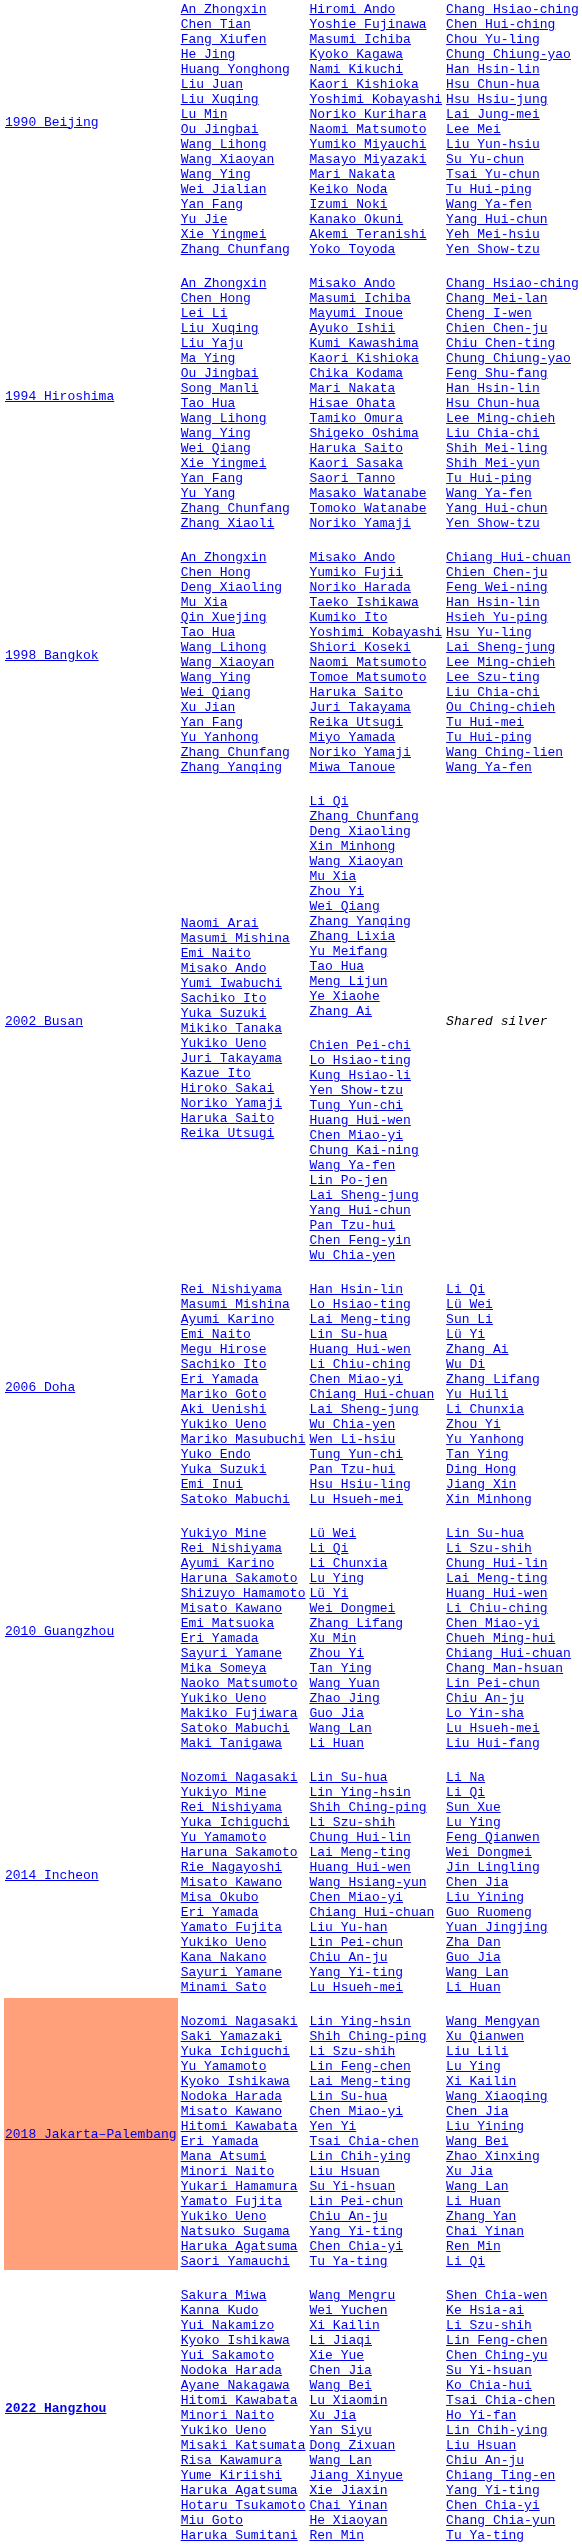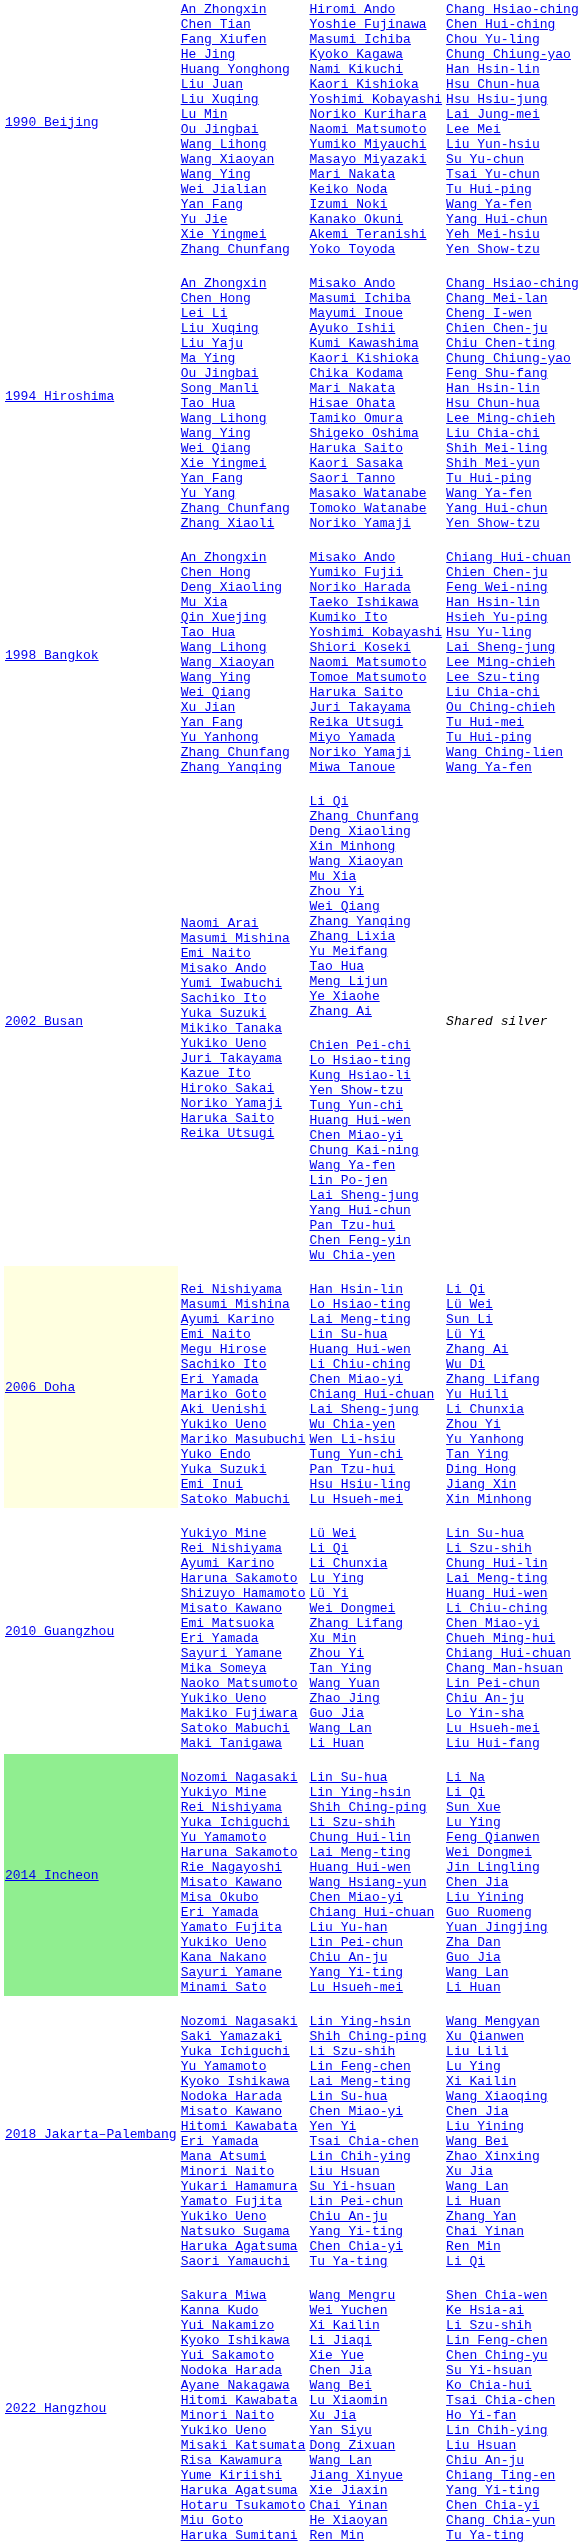 <table>
 <tr>
 <td><a href='#'>1990 Beijing</a></td>
 <td><br><a href='#'>An Zhongxin</a><br><a href='#'>Chen Tian</a><br><a href='#'>Fang Xiufen</a><br><a href='#'>He Jing</a><br><a href='#'>Huang Yonghong</a><br><a href='#'>Liu Juan</a><br><a href='#'>Liu Xuqing</a><br><a href='#'>Lu Min</a><br><a href='#'>Ou Jingbai</a><br><a href='#'>Wang Lihong</a><br><a href='#'>Wang Xiaoyan</a><br><a href='#'>Wang Ying</a><br><a href='#'>Wei Jialian</a><br><a href='#'>Yan Fang</a><br><a href='#'>Yu Jie</a><br><a href='#'>Xie Yingmei</a><br><a href='#'>Zhang Chunfang</a></td>
 <td><br><a href='#'>Hiromi Ando</a><br><a href='#'>Yoshie Fujinawa</a><br><a href='#'>Masumi Ichiba</a><br><a href='#'>Kyoko Kagawa</a><br><a href='#'>Nami Kikuchi</a><br><a href='#'>Kaori Kishioka</a><br><a href='#'>Yoshimi Kobayashi</a><br><a href='#'>Noriko Kurihara</a><br><a href='#'>Naomi Matsumoto</a><br><a href='#'>Yumiko Miyauchi</a><br><a href='#'>Masayo Miyazaki</a><br><a href='#'>Mari Nakata</a><br><a href='#'>Keiko Noda</a><br><a href='#'>Izumi Noki</a><br><a href='#'>Kanako Okuni</a><br><a href='#'>Akemi Teranishi</a><br><a href='#'>Yoko Toyoda</a></td>
 <td><br><a href='#'>Chang Hsiao-ching</a><br><a href='#'>Chen Hui-ching</a><br><a href='#'>Chou Yu-ling</a><br><a href='#'>Chung Chiung-yao</a><br><a href='#'>Han Hsin-lin</a><br><a href='#'>Hsu Chun-hua</a><br><a href='#'>Hsu Hsiu-jung</a><br><a href='#'>Lai Jung-mei</a><br><a href='#'>Lee Mei</a><br><a href='#'>Liu Yun-hsiu</a><br><a href='#'>Su Yu-chun</a><br><a href='#'>Tsai Yu-chun</a><br><a href='#'>Tu Hui-ping</a><br><a href='#'>Wang Ya-fen</a><br><a href='#'>Yang Hui-chun</a><br><a href='#'>Yeh Mei-hsiu</a><br><a href='#'>Yen Show-tzu</a></td>
 </tr>
 <tr>
 <td><a href='#'>1994 Hiroshima</a></td>
 <td><br><a href='#'>An Zhongxin</a><br><a href='#'>Chen Hong</a><br><a href='#'>Lei Li</a><br><a href='#'>Liu Xuqing</a><br><a href='#'>Liu Yaju</a><br><a href='#'>Ma Ying</a><br><a href='#'>Ou Jingbai</a><br><a href='#'>Song Manli</a><br><a href='#'>Tao Hua</a><br><a href='#'>Wang Lihong</a><br><a href='#'>Wang Ying</a><br><a href='#'>Wei Qiang</a><br><a href='#'>Xie Yingmei</a><br><a href='#'>Yan Fang</a><br><a href='#'>Yu Yang</a><br><a href='#'>Zhang Chunfang</a><br><a href='#'>Zhang Xiaoli</a></td>
 <td><br><a href='#'>Misako Ando</a><br><a href='#'>Masumi Ichiba</a><br><a href='#'>Mayumi Inoue</a><br><a href='#'>Ayuko Ishii</a><br><a href='#'>Kumi Kawashima</a><br><a href='#'>Kaori Kishioka</a><br><a href='#'>Chika Kodama</a><br><a href='#'>Mari Nakata</a><br><a href='#'>Hisae Ohata</a><br><a href='#'>Tamiko Omura</a><br><a href='#'>Shigeko Oshima</a><br><a href='#'>Haruka Saito</a><br><a href='#'>Kaori Sasaka</a><br><a href='#'>Saori Tanno</a><br><a href='#'>Masako Watanabe</a><br><a href='#'>Tomoko Watanabe</a><br><a href='#'>Noriko Yamaji</a></td>
 <td><br><a href='#'>Chang Hsiao-ching</a><br><a href='#'>Chang Mei-lan</a><br><a href='#'>Cheng I-wen</a><br><a href='#'>Chien Chen-ju</a><br><a href='#'>Chiu Chen-ting</a><br><a href='#'>Chung Chiung-yao</a><br><a href='#'>Feng Shu-fang</a><br><a href='#'>Han Hsin-lin</a><br><a href='#'>Hsu Chun-hua</a><br><a href='#'>Lee Ming-chieh</a><br><a href='#'>Liu Chia-chi</a><br><a href='#'>Shih Mei-ling</a><br><a href='#'>Shih Mei-yun</a><br><a href='#'>Tu Hui-ping</a><br><a href='#'>Wang Ya-fen</a><br><a href='#'>Yang Hui-chun</a><br><a href='#'>Yen Show-tzu</a></td>
 </tr>
 <tr>
 <td><a href='#'>1998 Bangkok</a></td>
 <td><br><a href='#'>An Zhongxin</a><br><a href='#'>Chen Hong</a><br><a href='#'>Deng Xiaoling</a><br><a href='#'>Mu Xia</a><br><a href='#'>Qin Xuejing</a><br><a href='#'>Tao Hua</a><br><a href='#'>Wang Lihong</a><br><a href='#'>Wang Xiaoyan</a><br><a href='#'>Wang Ying</a><br><a href='#'>Wei Qiang</a><br><a href='#'>Xu Jian</a><br><a href='#'>Yan Fang</a><br><a href='#'>Yu Yanhong</a><br><a href='#'>Zhang Chunfang</a><br><a href='#'>Zhang Yanqing</a></td>
 <td><br><a href='#'>Misako Ando</a><br><a href='#'>Yumiko Fujii</a><br><a href='#'>Noriko Harada</a><br><a href='#'>Taeko Ishikawa</a><br><a href='#'>Kumiko Ito</a><br><a href='#'>Yoshimi Kobayashi</a><br><a href='#'>Shiori Koseki</a><br><a href='#'>Naomi Matsumoto</a><br><a href='#'>Tomoe Matsumoto</a><br><a href='#'>Haruka Saito</a><br><a href='#'>Juri Takayama</a><br><a href='#'>Reika Utsugi</a><br><a href='#'>Miyo Yamada</a><br><a href='#'>Noriko Yamaji</a><br><a href='#'>Miwa Tanoue</a></td>
 <td><br><a href='#'>Chiang Hui-chuan</a><br><a href='#'>Chien Chen-ju</a><br><a href='#'>Feng Wei-ning</a><br><a href='#'>Han Hsin-lin</a><br><a href='#'>Hsieh Yu-ping</a><br><a href='#'>Hsu Yu-ling</a><br><a href='#'>Lai Sheng-jung</a><br><a href='#'>Lee Ming-chieh</a><br><a href='#'>Lee Szu-ting</a><br><a href='#'>Liu Chia-chi</a><br><a href='#'>Ou Ching-chieh</a><br><a href='#'>Tu Hui-mei</a><br><a href='#'>Tu Hui-ping</a><br><a href='#'>Wang Ching-lien</a><br><a href='#'>Wang Ya-fen</a></td>
 </tr>
 <tr>
 <td rowspan=2><a href='#'>2002 Busan</a></td>
 <td rowspan=2><br><a href='#'>Naomi Arai</a><br><a href='#'>Masumi Mishina</a><br><a href='#'>Emi Naito</a><br><a href='#'>Misako Ando</a><br><a href='#'>Yumi Iwabuchi</a><br><a href='#'>Sachiko Ito</a><br><a href='#'>Yuka Suzuki</a><br><a href='#'>Mikiko Tanaka</a><br><a href='#'>Yukiko Ueno</a><br><a href='#'>Juri Takayama</a><br><a href='#'>Kazue Ito</a><br><a href='#'>Hiroko Sakai</a><br><a href='#'>Noriko Yamaji</a><br><a href='#'>Haruka Saito</a><br><a href='#'>Reika Utsugi</a></td>
 <td><br><a href='#'>Li Qi</a><br><a href='#'>Zhang Chunfang</a><br><a href='#'>Deng Xiaoling</a><br><a href='#'>Xin Minhong</a><br><a href='#'>Wang Xiaoyan</a><br><a href='#'>Mu Xia</a><br><a href='#'>Zhou Yi</a><br><a href='#'>Wei Qiang</a><br><a href='#'>Zhang Yanqing</a><br><a href='#'>Zhang Lixia</a><br><a href='#'>Yu Meifang</a><br><a href='#'>Tao Hua</a><br><a href='#'>Meng Lijun</a><br><a href='#'>Ye Xiaohe</a><br><a href='#'>Zhang Ai</a></td>
 <td rowspan=2><em>Shared silver</em></td>
 </tr>
 <tr>
 <td><br><a href='#'>Chien Pei-chi</a><br><a href='#'>Lo Hsiao-ting</a><br><a href='#'>Kung Hsiao-li</a><br><a href='#'>Yen Show-tzu</a><br><a href='#'>Tung Yun-chi</a><br><a href='#'>Huang Hui-wen</a><br><a href='#'>Chen Miao-yi</a><br><a href='#'>Chung Kai-ning</a><br><a href='#'>Wang Ya-fen</a><br><a href='#'>Lin Po-jen</a><br><a href='#'>Lai Sheng-jung</a><br><a href='#'>Yang Hui-chun</a><br><a href='#'>Pan Tzu-hui</a><br><a href='#'>Chen Feng-yin</a><br><a href='#'>Wu Chia-yen</a></td>
 </tr>
 <tr>
-<td><a href='#'>2006 Doha</a></td>
+<td style="background: lightyellow;"><a href='#'>2006 Doha</a></td>
 <td><br><a href='#'>Rei Nishiyama</a><br><a href='#'>Masumi Mishina</a><br><a href='#'>Ayumi Karino</a><br><a href='#'>Emi Naito</a><br><a href='#'>Megu Hirose</a><br><a href='#'>Sachiko Ito</a><br><a href='#'>Eri Yamada</a><br><a href='#'>Mariko Goto</a><br><a href='#'>Aki Uenishi</a><br><a href='#'>Yukiko Ueno</a><br><a href='#'>Mariko Masubuchi</a><br><a href='#'>Yuko Endo</a><br><a href='#'>Yuka Suzuki</a><br><a href='#'>Emi Inui</a><br><a href='#'>Satoko Mabuchi</a></td>
 <td><br><a href='#'>Han Hsin-lin</a><br><a href='#'>Lo Hsiao-ting</a><br><a href='#'>Lai Meng-ting</a><br><a href='#'>Lin Su-hua</a><br><a href='#'>Huang Hui-wen</a><br><a href='#'>Li Chiu-ching</a><br><a href='#'>Chen Miao-yi</a><br><a href='#'>Chiang Hui-chuan</a><br><a href='#'>Lai Sheng-jung</a><br><a href='#'>Wu Chia-yen</a><br><a href='#'>Wen Li-hsiu</a><br><a href='#'>Tung Yun-chi</a><br><a href='#'>Pan Tzu-hui</a><br><a href='#'>Hsu Hsiu-ling</a><br><a href='#'>Lu Hsueh-mei</a></td>
 <td><br><a href='#'>Li Qi</a><br><a href='#'>Lü Wei</a><br><a href='#'>Sun Li</a><br><a href='#'>Lü Yi</a><br><a href='#'>Zhang Ai</a><br><a href='#'>Wu Di</a><br><a href='#'>Zhang Lifang</a><br><a href='#'>Yu Huili</a><br><a href='#'>Li Chunxia</a><br><a href='#'>Zhou Yi</a><br><a href='#'>Yu Yanhong</a><br><a href='#'>Tan Ying</a><br><a href='#'>Ding Hong</a><br><a href='#'>Jiang Xin</a><br><a href='#'>Xin Minhong</a></td>
 </tr>
 <tr>
 <td><a href='#'>2010 Guangzhou</a></td>
 <td><br><a href='#'>Yukiyo Mine</a><br><a href='#'>Rei Nishiyama</a><br><a href='#'>Ayumi Karino</a><br><a href='#'>Haruna Sakamoto</a><br><a href='#'>Shizuyo Hamamoto</a><br><a href='#'>Misato Kawano</a><br><a href='#'>Emi Matsuoka</a><br><a href='#'>Eri Yamada</a><br><a href='#'>Sayuri Yamane</a><br><a href='#'>Mika Someya</a><br><a href='#'>Naoko Matsumoto</a><br><a href='#'>Yukiko Ueno</a><br><a href='#'>Makiko Fujiwara</a><br><a href='#'>Satoko Mabuchi</a><br><a href='#'>Maki Tanigawa</a></td>
 <td><br><a href='#'>Lü Wei</a><br><a href='#'>Li Qi</a><br><a href='#'>Li Chunxia</a><br><a href='#'>Lu Ying</a><br><a href='#'>Lü Yi</a><br><a href='#'>Wei Dongmei</a><br><a href='#'>Zhang Lifang</a><br><a href='#'>Xu Min</a><br><a href='#'>Zhou Yi</a><br><a href='#'>Tan Ying</a><br><a href='#'>Wang Yuan</a><br><a href='#'>Zhao Jing</a><br><a href='#'>Guo Jia</a><br><a href='#'>Wang Lan</a><br><a href='#'>Li Huan</a></td>
 <td><br><a href='#'>Lin Su-hua</a><br><a href='#'>Li Szu-shih</a><br><a href='#'>Chung Hui-lin</a><br><a href='#'>Lai Meng-ting</a><br><a href='#'>Huang Hui-wen</a><br><a href='#'>Li Chiu-ching</a><br><a href='#'>Chen Miao-yi</a><br><a href='#'>Chueh Ming-hui</a><br><a href='#'>Chiang Hui-chuan</a><br><a href='#'>Chang Man-hsuan</a><br><a href='#'>Lin Pei-chun</a><br><a href='#'>Chiu An-ju</a><br><a href='#'>Lo Yin-sha</a><br><a href='#'>Lu Hsueh-mei</a><br><a href='#'>Liu Hui-fang</a></td>
 </tr>
 <tr>
-<td><a href='#'>2014 Incheon</a></td>
+<td style="background: lightgreen;"><a href='#'>2014 Incheon</a></td>
 <td><br><a href='#'>Nozomi Nagasaki</a><br><a href='#'>Yukiyo Mine</a><br><a href='#'>Rei Nishiyama</a><br><a href='#'>Yuka Ichiguchi</a><br><a href='#'>Yu Yamamoto</a><br><a href='#'>Haruna Sakamoto</a><br><a href='#'>Rie Nagayoshi</a><br><a href='#'>Misato Kawano</a><br><a href='#'>Misa Okubo</a><br><a href='#'>Eri Yamada</a><br><a href='#'>Yamato Fujita</a><br><a href='#'>Yukiko Ueno</a><br><a href='#'>Kana Nakano</a><br><a href='#'>Sayuri Yamane</a><br><a href='#'>Minami Sato</a></td>
 <td><br><a href='#'>Lin Su-hua</a><br><a href='#'>Lin Ying-hsin</a><br><a href='#'>Shih Ching-ping</a><br><a href='#'>Li Szu-shih</a><br><a href='#'>Chung Hui-lin</a><br><a href='#'>Lai Meng-ting</a><br><a href='#'>Huang Hui-wen</a><br><a href='#'>Wang Hsiang-yun</a><br><a href='#'>Chen Miao-yi</a><br><a href='#'>Chiang Hui-chuan</a><br><a href='#'>Liu Yu-han</a><br><a href='#'>Lin Pei-chun</a><br><a href='#'>Chiu An-ju</a><br><a href='#'>Yang Yi-ting</a><br><a href='#'>Lu Hsueh-mei</a></td>
 <td><br><a href='#'>Li Na</a><br><a href='#'>Li Qi</a><br><a href='#'>Sun Xue</a><br><a href='#'>Lu Ying</a><br><a href='#'>Feng Qianwen</a><br><a href='#'>Wei Dongmei</a><br><a href='#'>Jin Lingling</a><br><a href='#'>Chen Jia</a><br><a href='#'>Liu Yining</a><br><a href='#'>Guo Ruomeng</a><br><a href='#'>Yuan Jingjing</a><br><a href='#'>Zha Dan</a><br><a href='#'>Guo Jia</a><br><a href='#'>Wang Lan</a><br><a href='#'>Li Huan</a></td>
 </tr>
 <tr>
-<td style="background: lightsalmon;"><a href='#'>2018 Jakarta–Palembang</a></td>
+<td><a href='#'>2018 Jakarta–Palembang</a></td>
 <td><br><a href='#'>Nozomi Nagasaki</a><br><a href='#'>Saki Yamazaki</a><br><a href='#'>Yuka Ichiguchi</a><br><a href='#'>Yu Yamamoto</a><br><a href='#'>Kyoko Ishikawa</a><br><a href='#'>Nodoka Harada</a><br><a href='#'>Misato Kawano</a><br><a href='#'>Hitomi Kawabata</a><br><a href='#'>Eri Yamada</a><br><a href='#'>Mana Atsumi</a><br><a href='#'>Minori Naito</a><br><a href='#'>Yukari Hamamura</a><br><a href='#'>Yamato Fujita</a><br><a href='#'>Yukiko Ueno</a><br><a href='#'>Natsuko Sugama</a><br><a href='#'>Haruka Agatsuma</a><br><a href='#'>Saori Yamauchi</a></td>
 <td><br><a href='#'>Lin Ying-hsin</a><br><a href='#'>Shih Ching-ping</a><br><a href='#'>Li Szu-shih</a><br><a href='#'>Lin Feng-chen</a><br><a href='#'>Lai Meng-ting</a><br><a href='#'>Lin Su-hua</a><br><a href='#'>Chen Miao-yi</a><br><a href='#'>Yen Yi</a><br><a href='#'>Tsai Chia-chen</a><br><a href='#'>Lin Chih-ying</a><br><a href='#'>Liu Hsuan</a><br><a href='#'>Su Yi-hsuan</a><br><a href='#'>Lin Pei-chun</a><br><a href='#'>Chiu An-ju</a><br><a href='#'>Yang Yi-ting</a><br><a href='#'>Chen Chia-yi</a><br><a href='#'>Tu Ya-ting</a></td>
 <td><br><a href='#'>Wang Mengyan</a><br><a href='#'>Xu Qianwen</a><br><a href='#'>Liu Lili</a><br><a href='#'>Lu Ying</a><br><a href='#'>Xi Kailin</a><br><a href='#'>Wang Xiaoqing</a><br><a href='#'>Chen Jia</a><br><a href='#'>Liu Yining</a><br><a href='#'>Wang Bei</a><br><a href='#'>Zhao Xinxing</a><br><a href='#'>Xu Jia</a><br><a href='#'>Wang Lan</a><br><a href='#'>Li Huan</a><br><a href='#'>Zhang Yan</a><br><a href='#'>Chai Yinan</a><br><a href='#'>Ren Min</a><br><a href='#'>Li Qi</a></td>
 </tr>
 <tr>
-<td><strong><a href='#'>2022 Hangzhou</a></strong></td>
+<td><a href='#'>2022 Hangzhou</a></td>
 <td><br><a href='#'>Sakura Miwa</a><br><a href='#'>Kanna Kudo</a><br><a href='#'>Yui Nakamizo</a><br><a href='#'>Kyoko Ishikawa</a><br><a href='#'>Yui Sakamoto</a><br><a href='#'>Nodoka Harada</a><br><a href='#'>Ayane Nakagawa</a><br><a href='#'>Hitomi Kawabata</a><br><a href='#'>Minori Naito</a><br><a href='#'>Yukiko Ueno</a><br><a href='#'>Misaki Katsumata</a><br><a href='#'>Risa Kawamura</a><br><a href='#'>Yume Kiriishi</a><br><a href='#'>Haruka Agatsuma</a><br><a href='#'>Hotaru Tsukamoto</a><br><a href='#'>Miu Goto</a><br><a href='#'>Haruka Sumitani</a></td>
 <td><br><a href='#'>Wang Mengru</a><br><a href='#'>Wei Yuchen</a><br><a href='#'>Xi Kailin</a><br><a href='#'>Li Jiaqi</a><br><a href='#'>Xie Yue</a><br><a href='#'>Chen Jia</a><br><a href='#'>Wang Bei</a><br><a href='#'>Lu Xiaomin</a><br><a href='#'>Xu Jia</a><br><a href='#'>Yan Siyu</a><br><a href='#'>Dong Zixuan</a><br><a href='#'>Wang Lan</a><br><a href='#'>Jiang Xinyue</a><br><a href='#'>Xie Jiaxin</a><br><a href='#'>Chai Yinan</a><br><a href='#'>He Xiaoyan</a><br><a href='#'>Ren Min</a></td>
 <td><br><a href='#'>Shen Chia-wen</a><br><a href='#'>Ke Hsia-ai</a><br><a href='#'>Li Szu-shih</a><br><a href='#'>Lin Feng-chen</a><br><a href='#'>Chen Ching-yu</a><br><a href='#'>Su Yi-hsuan</a><br><a href='#'>Ko Chia-hui</a><br><a href='#'>Tsai Chia-chen</a><br><a href='#'>Ho Yi-fan</a><br><a href='#'>Lin Chih-ying</a><br><a href='#'>Liu Hsuan</a><br><a href='#'>Chiu An-ju</a><br><a href='#'>Chiang Ting-en</a><br><a href='#'>Yang Yi-ting</a><br><a href='#'>Chen Chia-yi</a><br><a href='#'>Chang Chia-yun</a><br><a href='#'>Tu Ya-ting</a></td>
 </tr>
 </table>
